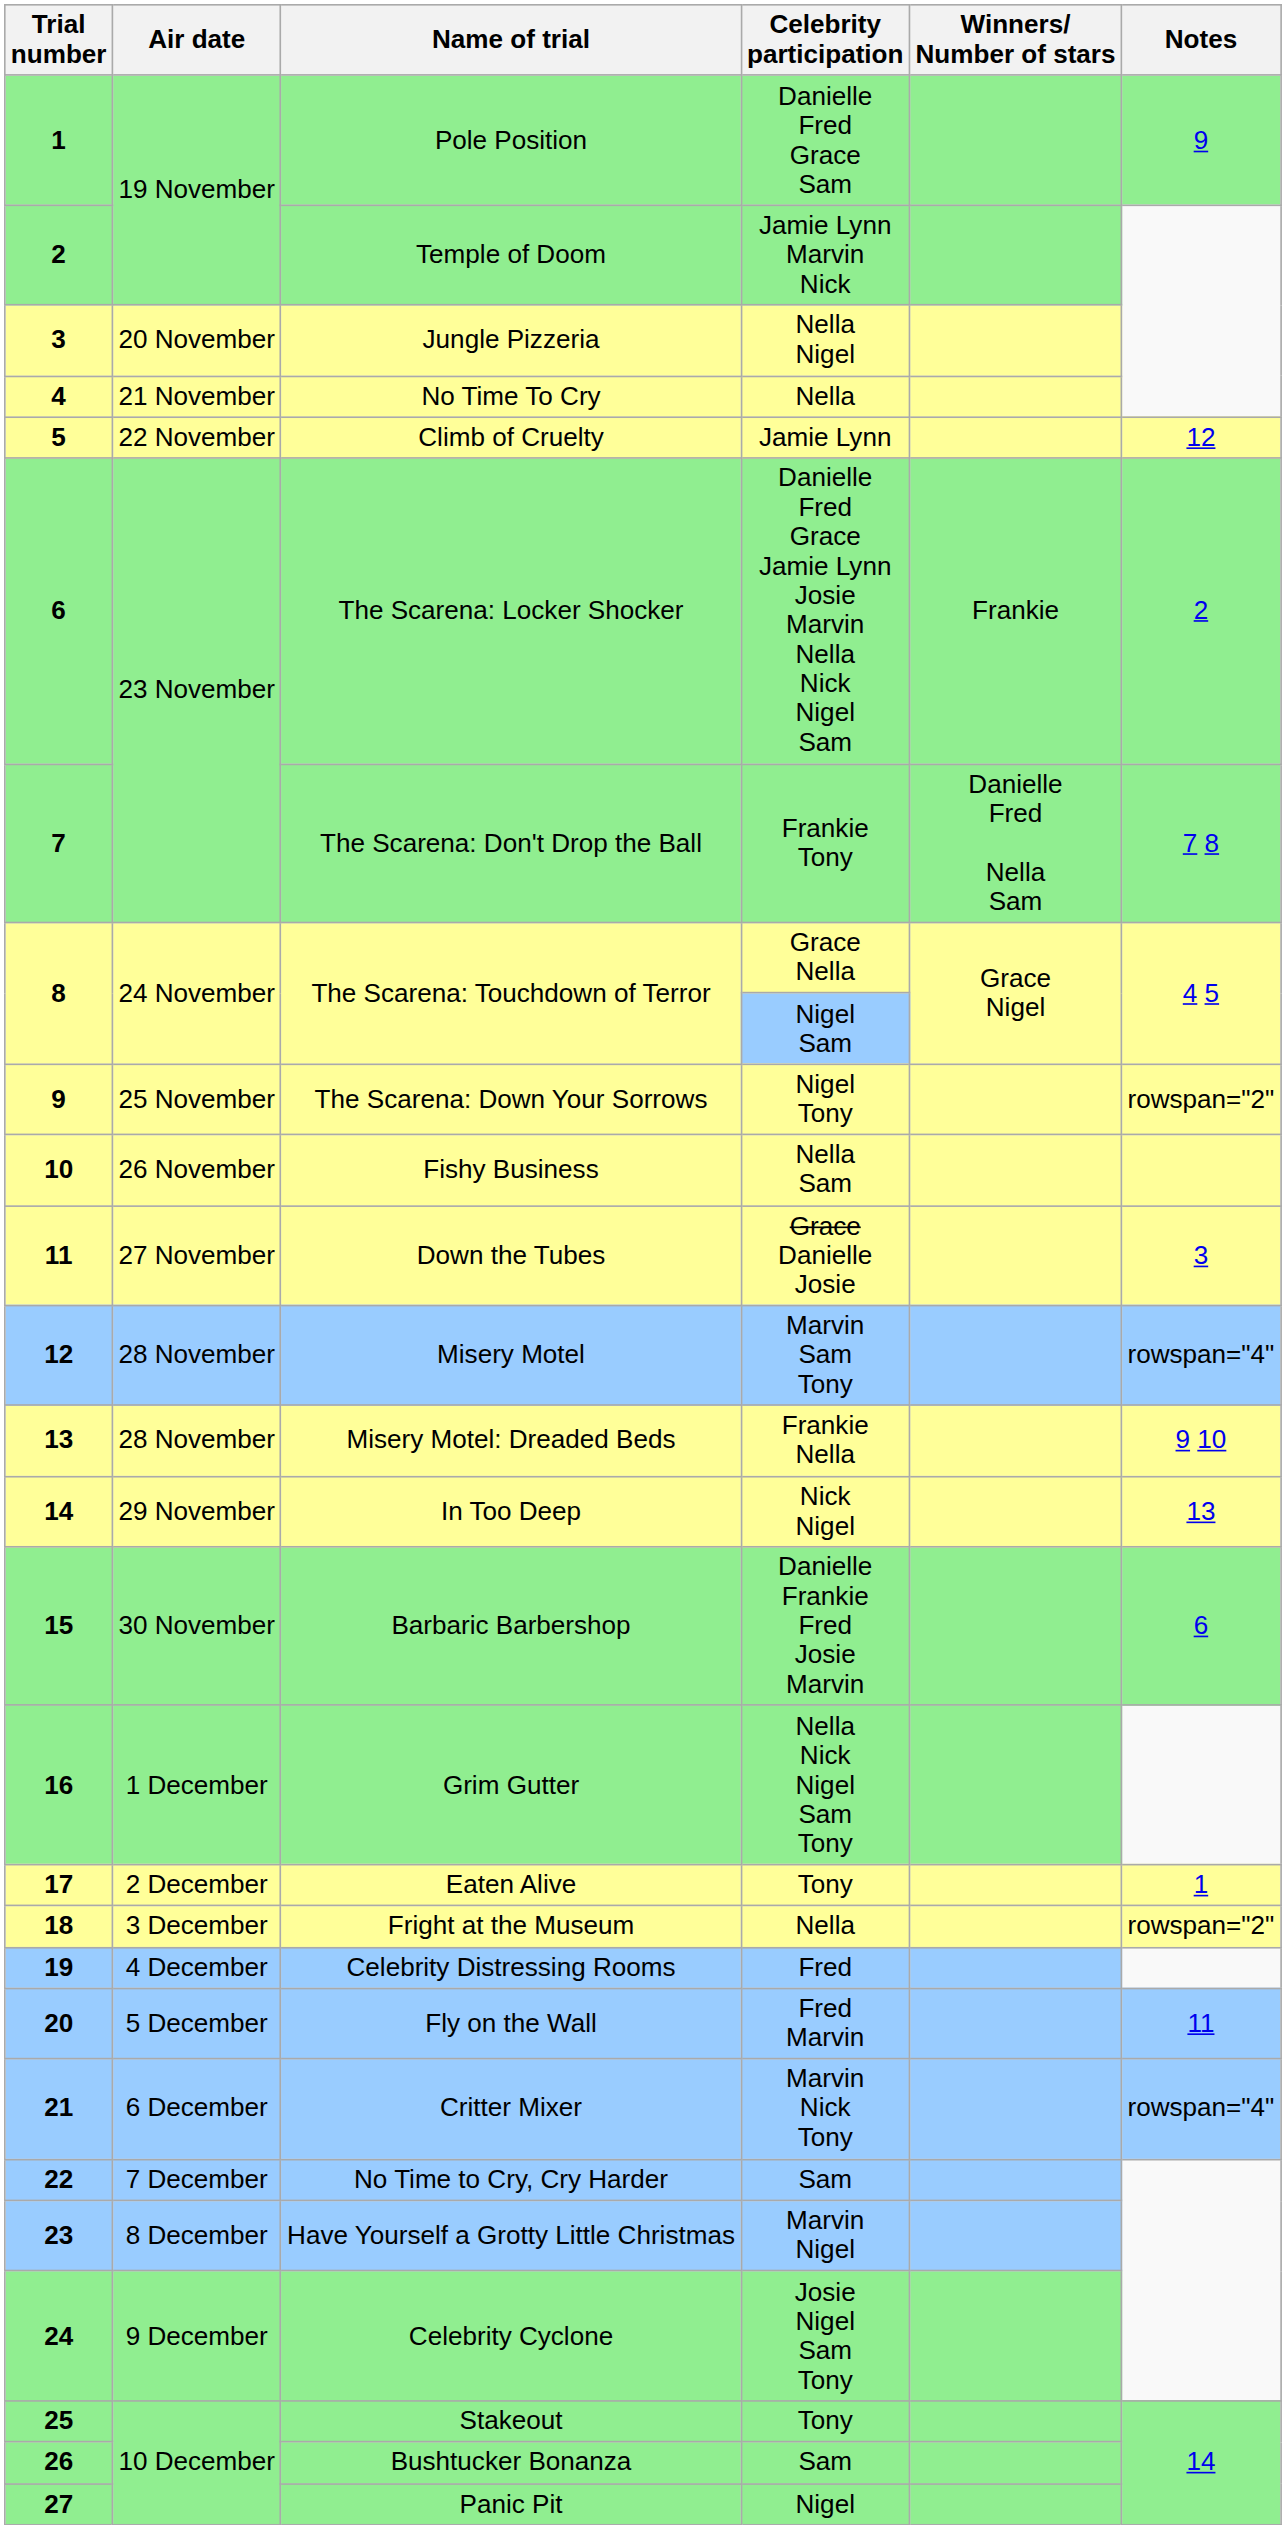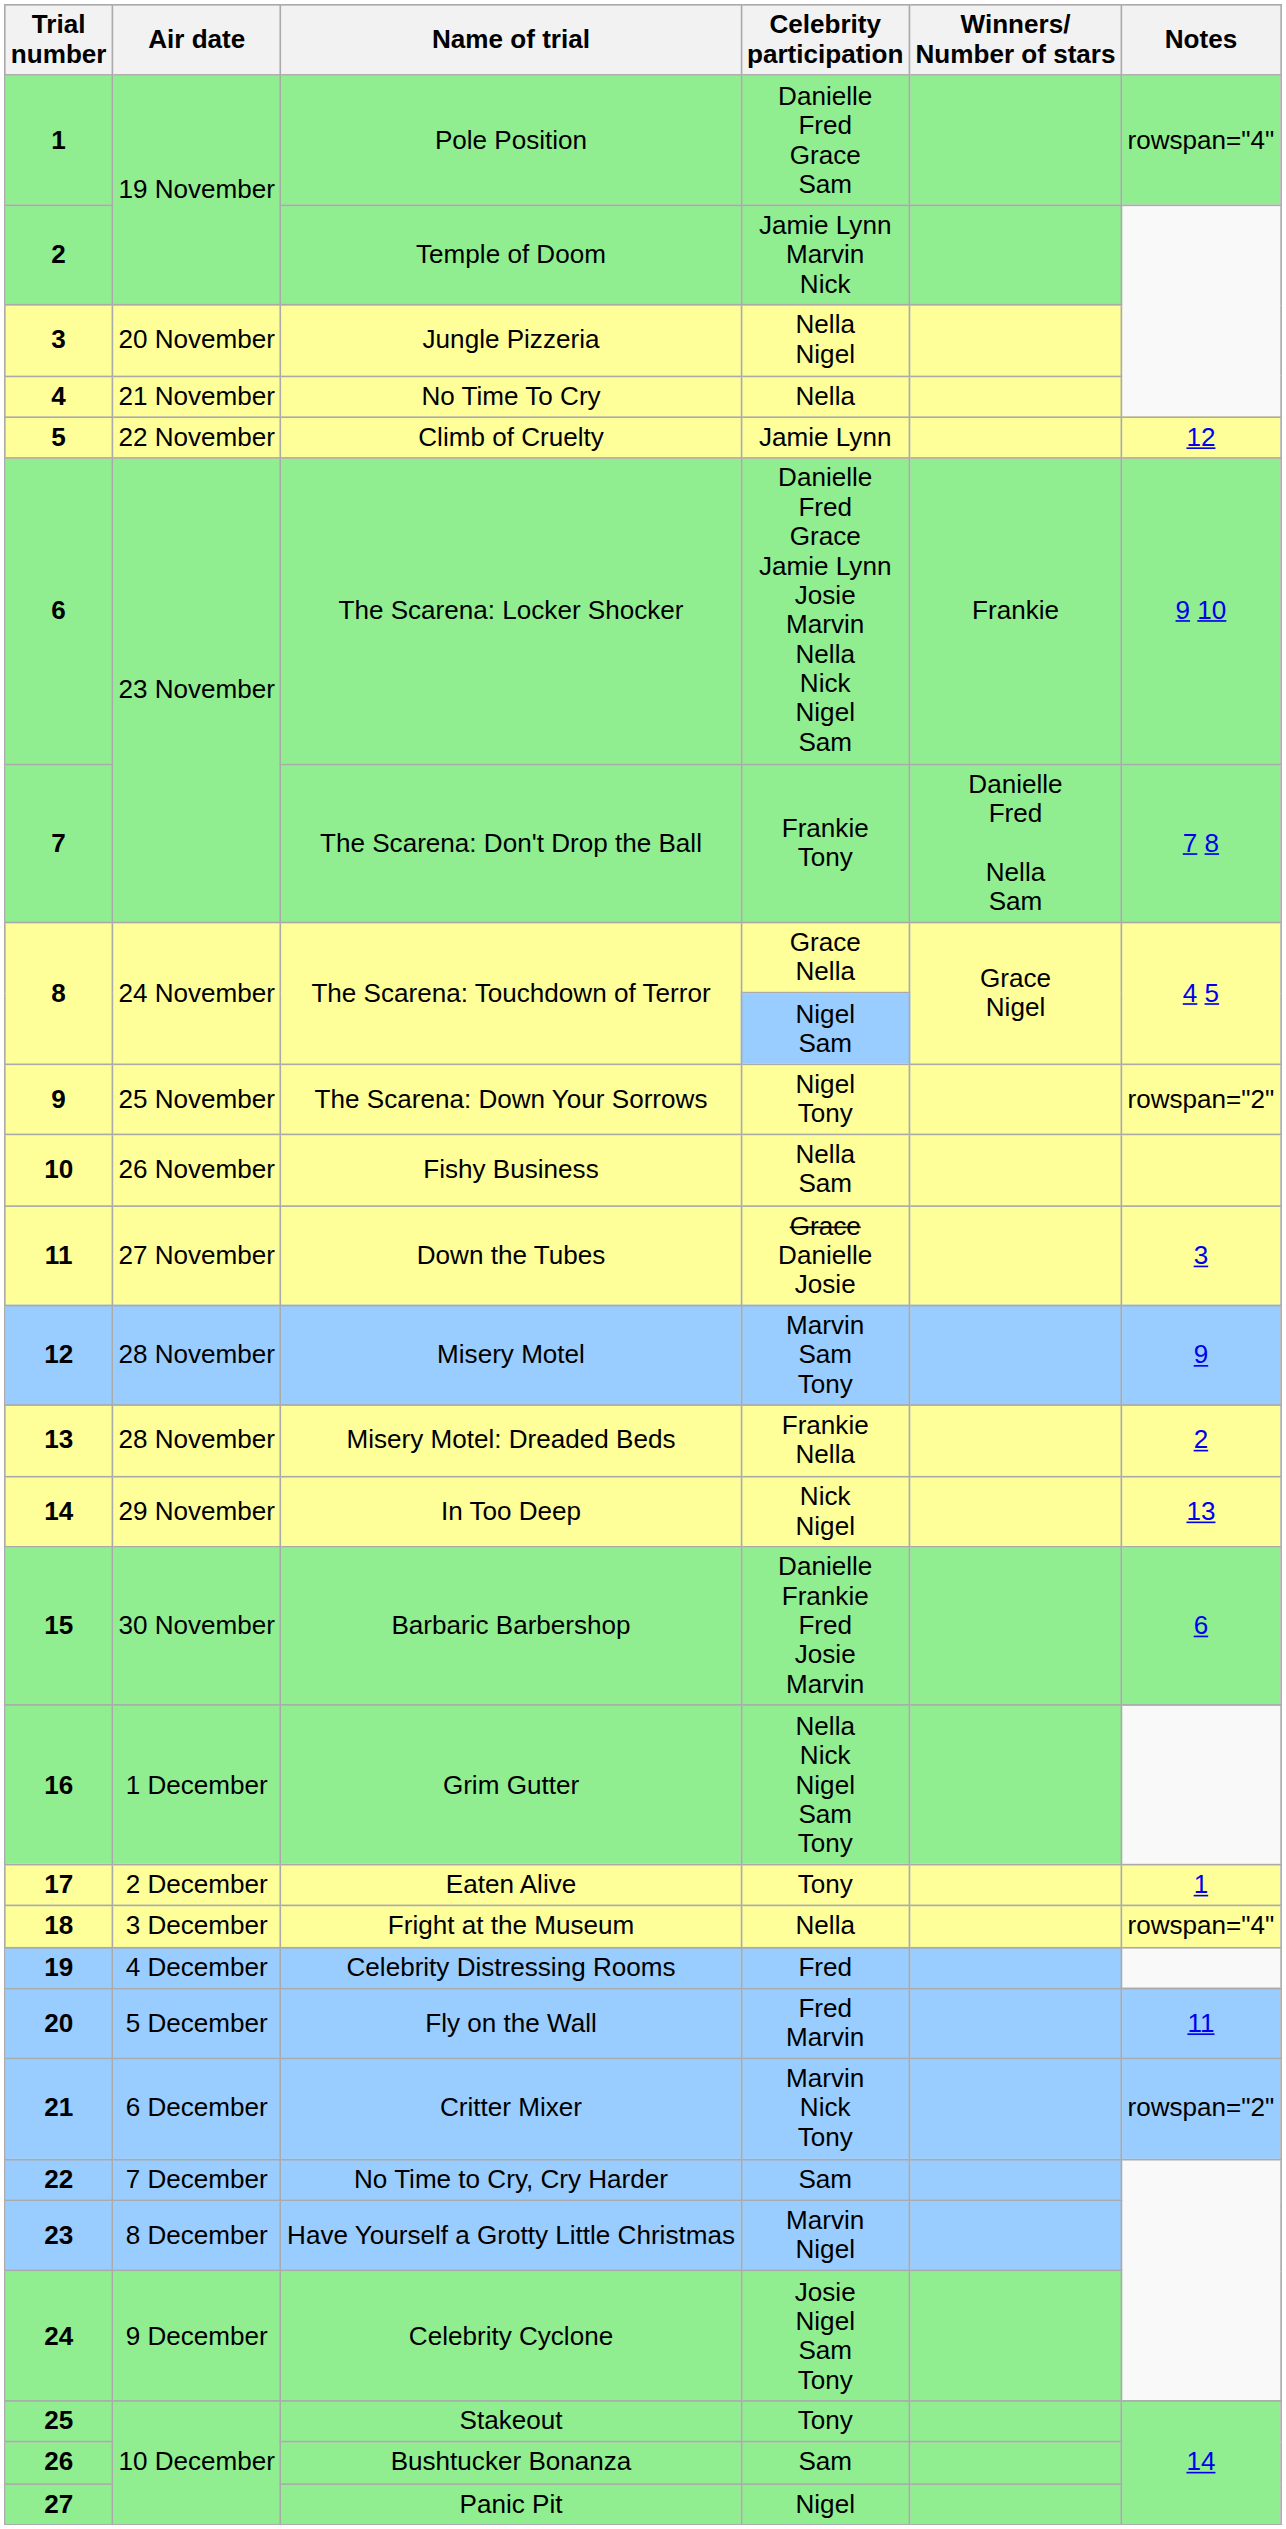 <table class=wikitable style="text-align:center">
 <tr>
 <th scope="col">Trial<br>number</th>
 <th scope="col">Air date</th>
 <th scope="col">Name of trial</th>
 <th scope="col">Celebrity<br>participation</th>
 <th scope="col">Winners/<br>Number of stars</th>
 <th scope="col">Notes</th>
 </tr>
 <tr style="background:lightgreen">
 <td><strong>1</strong></td>
 <td rowspan="2">19 November</td>
 <td>Pole Position</td>
 <td>Danielle<br>Fred<br>Grace<br>Sam</td>
 <td></td>
-<td><a href='#'>9</a></td>
+<td>rowspan="4" </td>
 </tr>
 <tr style="background:lightgreen">
 <td><strong>2</strong></td>
 <td>Temple of Doom</td>
 <td>Jamie Lynn<br>Marvin<br>Nick</td>
 <td></td>
 </tr>
 <tr style="background:#FFFF99">
 <td><strong>3</strong></td>
 <td>20 November</td>
 <td>Jungle Pizzeria</td>
 <td>Nella<br>Nigel</td>
 <td></td>
 </tr>
 <tr style="background:#FFFF99">
 <td><strong>4</strong></td>
 <td>21 November</td>
 <td>No Time To Cry</td>
 <td>Nella</td>
 <td></td>
 </tr>
 <tr style="background:#FFFF99">
 <td><strong>5</strong></td>
 <td>22 November</td>
 <td>Climb of Cruelty</td>
 <td>Jamie Lynn</td>
 <td></td>
 <td><a href='#'>12</a></td>
 </tr>
 <tr style="background:lightgreen">
 <td><strong>6</strong></td>
 <td rowspan="2">23 November</td>
 <td>The Scarena: Locker Shocker</td>
 <td>Danielle<br>Fred<br>Grace<br>Jamie Lynn<br>Josie<br>Marvin<br>Nella<br>Nick<br>Nigel<br>Sam</td>
 <td>Frankie</td>
-<td><a href='#'>2</a></td>
+<td><a href='#'>9</a> <a href='#'>10</a></td>
 </tr>
 <tr style="background:lightgreen">
 <td><strong>7</strong></td>
 <td>The Scarena: Don't Drop the Ball</td>
 <td>Frankie<br>Tony</td>
 <td>Danielle<br>Fred<br><br>Nella<br>Sam</td>
 <td><a href='#'>7</a> <a href='#'>8</a></td>
 </tr>
 <tr style="background:#FFFF99">
 <td rowspan="2"><strong>8</strong></td>
 <td rowspan="2">24 November</td>
 <td rowspan="2">The Scarena: Touchdown of Terror</td>
 <td>Grace<br>Nella</td>
 <td rowspan="2">Grace<br>Nigel</td>
 <td rowspan="2"><a href='#'>4</a> <a href='#'>5</a></td>
 </tr>
 <tr style="background:#99CCFF">
 <td>Nigel<br>Sam</td>
 </tr>
 <tr style="background:#FFFF99">
 <td><strong>9</strong></td>
 <td>25 November</td>
 <td>The Scarena: Down Your Sorrows</td>
 <td>Nigel<br>Tony</td>
 <td></td>
 <td>rowspan="2" </td>
 </tr>
 <tr style="background:#FFFF99">
 <td><strong>10</strong></td>
 <td>26 November</td>
 <td>Fishy Business</td>
 <td>Nella<br>Sam</td>
 <td></td>
 <td></td>
 </tr>
 <tr style="background:#FFFF99">
 <td><strong>11</strong></td>
 <td>27 November</td>
 <td>Down the Tubes</td>
 <td><s>Grace</s><br>Danielle<br>Josie</td>
 <td></td>
 <td><a href='#'>3</a></td>
 </tr>
 <tr style="background:#99CCFF">
 <td><strong>12</strong></td>
 <td>28 November</td>
 <td>Misery Motel</td>
 <td>Marvin<br>Sam<br>Tony</td>
 <td></td>
-<td>rowspan="4" </td>
+<td><a href='#'>9</a></td>
 </tr>
 <tr style="background:#FFFF99">
 <td><strong>13</strong></td>
 <td>28 November</td>
 <td>Misery Motel: Dreaded Beds</td>
 <td>Frankie<br>Nella</td>
 <td></td>
-<td><a href='#'>9</a> <a href='#'>10</a></td>
+<td><a href='#'>2</a></td>
 </tr>
 <tr style="background:#FFFF99">
 <td><strong>14</strong></td>
 <td>29 November</td>
 <td>In Too Deep</td>
 <td>Nick<br>Nigel</td>
 <td></td>
 <td><a href='#'>13</a></td>
 </tr>
 <tr style="background:lightgreen">
 <td><strong>15</strong></td>
 <td>30 November</td>
 <td>Barbaric Barbershop</td>
 <td>Danielle<br>Frankie<br>Fred<br>Josie<br>Marvin</td>
 <td></td>
 <td><a href='#'>6</a></td>
 </tr>
 <tr style="background:lightgreen">
 <td><strong>16</strong></td>
 <td>1 December</td>
 <td>Grim Gutter</td>
 <td>Nella<br>Nick<br>Nigel<br>Sam<br>Tony</td>
 <td></td>
 </tr>
 <tr style="background:#FFFF99">
 <td><strong>17</strong></td>
 <td>2 December</td>
 <td>Eaten Alive</td>
 <td>Tony</td>
 <td></td>
 <td><a href='#'>1</a></td>
 </tr>
 <tr style="background:#FFFF99">
 <td><strong>18</strong></td>
 <td>3 December</td>
 <td>Fright at the Museum</td>
 <td>Nella</td>
 <td></td>
-<td>rowspan="2" </td>
+<td>rowspan="4" </td>
 </tr>
 <tr style="background:#99CCFF">
 <td><strong>19</strong></td>
 <td>4 December</td>
 <td>Celebrity Distressing Rooms</td>
 <td>Fred</td>
 <td></td>
 </tr>
 <tr style="background:#99CCFF">
 <td><strong>20</strong></td>
 <td>5 December</td>
 <td>Fly on the Wall</td>
 <td>Fred<br>Marvin</td>
 <td></td>
 <td><a href='#'>11</a></td>
 </tr>
 <tr style="background:#99CCFF">
 <td><strong>21</strong></td>
 <td>6 December</td>
 <td>Critter Mixer</td>
 <td>Marvin<br>Nick<br>Tony</td>
 <td></td>
-<td>rowspan="4" </td>
+<td>rowspan="2" </td>
 </tr>
 <tr style="background:#99CCFF">
 <td><strong>22</strong></td>
 <td>7 December</td>
 <td>No Time to Cry, Cry Harder</td>
 <td>Sam</td>
 <td></td>
 </tr>
 <tr style="background:#99CCFF">
 <td><strong>23</strong></td>
 <td>8 December</td>
 <td>Have Yourself a Grotty Little Christmas</td>
 <td>Marvin<br>Nigel</td>
 <td></td>
 </tr>
 <tr style="background:lightgreen">
 <td><strong>24</strong></td>
 <td>9 December</td>
 <td>Celebrity Cyclone</td>
 <td>Josie<br>Nigel<br>Sam<br>Tony</td>
 <td></td>
 </tr>
 <tr style="background:lightgreen">
 <td><strong>25</strong></td>
 <td rowspan="3">10 December</td>
 <td>Stakeout</td>
 <td>Tony</td>
 <td></td>
 <td rowspan="3"><a href='#'>14</a></td>
 </tr>
 <tr style="background:lightgreen">
 <td><strong>26</strong></td>
 <td>Bushtucker Bonanza</td>
 <td>Sam</td>
 <td></td>
 </tr>
 <tr style="background:lightgreen">
 <td><strong>27</strong></td>
 <td>Panic Pit</td>
 <td>Nigel</td>
 <td></td>
 </tr>
 </table>
